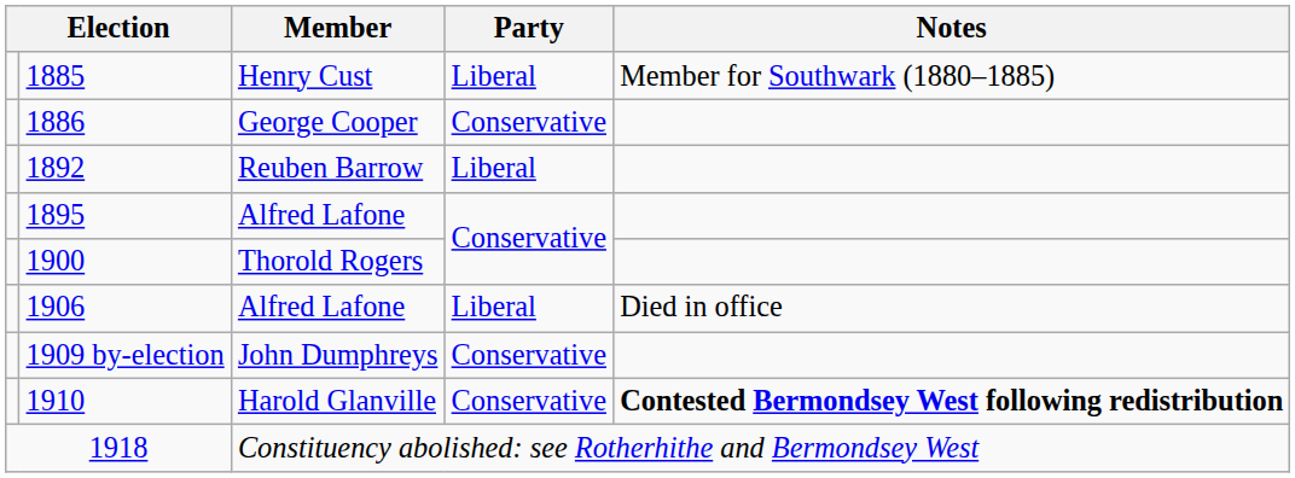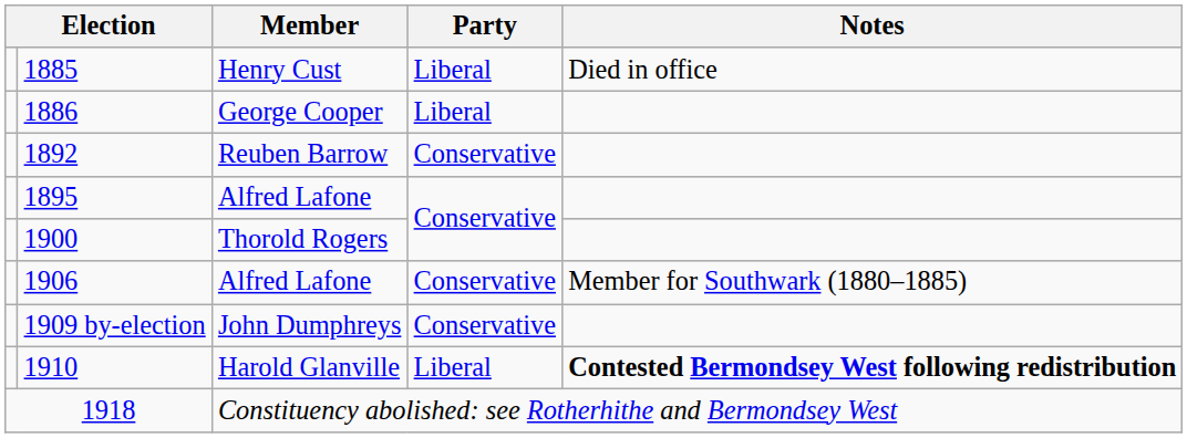 <table class="wikitable">
 <tr>
 <th colspan="2">Election</th>
 <th>Member</th>
 <th>Party</th>
 <th>Notes</th>
 </tr>
 <tr>
 <td style="color:inherit;background-color: "></td>
 <td><a href='#'>1885</a></td>
 <td><a href='#'>Henry Cust</a></td>
 <td><a href='#'>Liberal</a></td>
-<td>Member for <a href='#'>Southwark</a> (1880–1885)</td>
+<td>Died in office</td>
 </tr>
 <tr>
 <td style="color:inherit;background-color: "></td>
 <td><a href='#'>1886</a></td>
 <td><a href='#'>George Cooper</a></td>
-<td><a href='#'>Conservative</a></td>
+<td><a href='#'>Liberal</a></td>
 <td></td>
 </tr>
 <tr>
 <td style="color:inherit;background-color: "></td>
 <td><a href='#'>1892</a></td>
 <td><a href='#'>Reuben Barrow</a></td>
-<td><a href='#'>Liberal</a></td>
+<td><a href='#'>Conservative</a></td>
 <td></td>
 </tr>
 <tr>
 <td style="color:inherit;background-color: "></td>
 <td><a href='#'>1895</a></td>
 <td><a href='#'>Alfred Lafone</a></td>
 <td rowspan="2"><a href='#'>Conservative</a></td>
 <td></td>
 </tr>
 <tr>
 <td style="color:inherit;background-color: "></td>
 <td><a href='#'>1900</a></td>
 <td><a href='#'>Thorold Rogers</a></td>
 <td></td>
 </tr>
 <tr>
 <td style="color:inherit;background-color: "></td>
 <td><a href='#'>1906</a></td>
 <td><a href='#'>Alfred Lafone</a></td>
-<td><a href='#'>Liberal</a></td>
-<td>Died in office</td>
+<td><a href='#'>Conservative</a></td>
+<td>Member for <a href='#'>Southwark</a> (1880–1885)</td>
 </tr>
 <tr>
 <td style="color:inherit;background-color: "></td>
 <td><a href='#'>1909 by-election</a></td>
 <td><a href='#'>John Dumphreys</a></td>
 <td><a href='#'>Conservative</a></td>
 <td></td>
 </tr>
 <tr>
 <td style="color:inherit;background-color: "></td>
 <td><a href='#'>1910</a></td>
 <td><a href='#'>Harold Glanville</a></td>
-<td><a href='#'>Conservative</a></td>
+<td><a href='#'>Liberal</a></td>
 <td><strong>Contested <a href='#'>Bermondsey West</a> following redistribution</strong></td>
 </tr>
 <tr>
 <td colspan="2" align="center"><a href='#'>1918</a></td>
 <td colspan="3"><em>Constituency abolished: see <a href='#'>Rotherhithe</a> and <a href='#'>Bermondsey West</a></em></td>
 </tr>
 </table>
